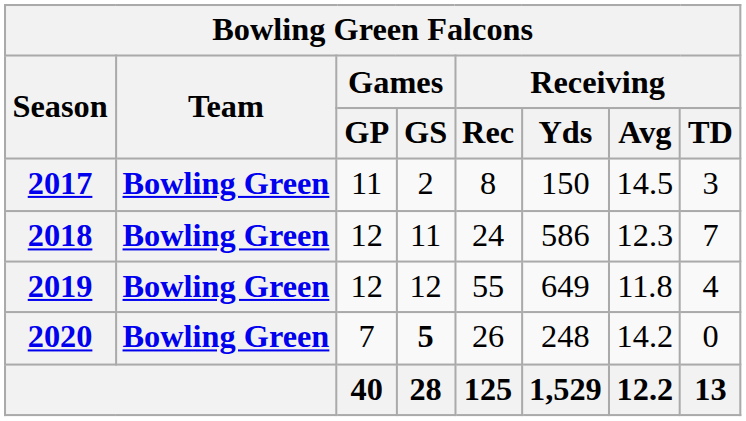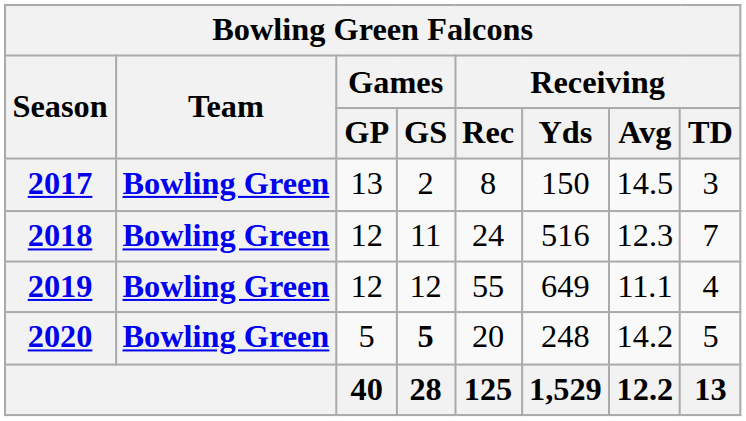 <table class="wikitable" style="text-align:center">
 <tr>
 <th colspan="12">Bowling Green Falcons</th>
 </tr>
 <tr>
 <th rowspan="2">Season</th>
 <th rowspan="2">Team</th>
 <th colspan="2">Games</th>
 <th colspan="4">Receiving</th>
 </tr>
 <tr>
 <th>GP</th>
 <th>GS</th>
 <th>Rec</th>
 <th>Yds</th>
 <th>Avg</th>
 <th>TD</th>
 </tr>
 <tr>
 <th><a href='#'>2017</a></th>
 <th><a href='#'>Bowling Green</a></th>
-<td>11</td>
+<td>13</td>
 <td>2</td>
 <td>8</td>
 <td>150</td>
 <td>14.5</td>
 <td>3</td>
 </tr>
 <tr>
 <th><a href='#'>2018</a></th>
 <th><a href='#'>Bowling Green</a></th>
 <td>12</td>
 <td>11</td>
 <td>24</td>
-<td>586</td>
+<td>516</td>
 <td>12.3</td>
 <td>7</td>
 </tr>
 <tr>
 <th><a href='#'>2019</a></th>
 <th><a href='#'>Bowling Green</a></th>
 <td>12</td>
 <td>12</td>
 <td>55</td>
 <td>649</td>
-<td>11.8</td>
+<td>11.1</td>
 <td>4</td>
 </tr>
 <tr>
 <th><a href='#'>2020</a></th>
 <th><a href='#'>Bowling Green</a></th>
-<td>7</td>
+<td>5</td>
 <td><strong>5</strong></td>
-<td>26</td>
+<td>20</td>
 <td>248</td>
 <td>14.2</td>
-<td>0</td>
+<td>5</td>
 </tr>
 <tr>
 <th colspan="2"></th>
 <th>40</th>
 <th>28</th>
 <th>125</th>
 <th>1,529</th>
 <th>12.2</th>
 <th>13</th>
 </tr>
 </table>
